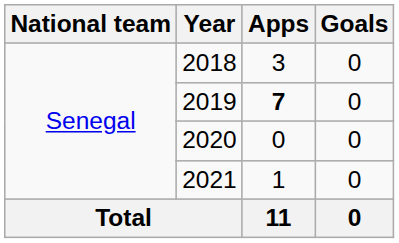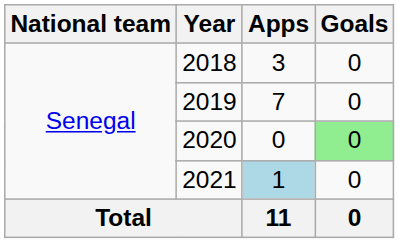 <table class="wikitable" style="text-align:center">
 <tr>
 <th>National team</th>
 <th>Year</th>
 <th>Apps</th>
 <th>Goals</th>
 </tr>
 <tr>
 <td rowspan="4"><a href='#'>Senegal</a></td>
 <td>2018</td>
 <td>3</td>
 <td>0</td>
 </tr>
 <tr>
 <td>2019</td>
-<td><strong>7</strong></td>
+<td>7</td>
 <td>0</td>
 </tr>
 <tr>
 <td>2020</td>
 <td>0</td>
-<td>0</td>
+<td style="background: lightgreen;">0</td>
 </tr>
 <tr>
 <td>2021</td>
-<td>1</td>
+<td style="background: lightblue;">1</td>
 <td>0</td>
 </tr>
 <tr>
 <th colspan="2">Total</th>
 <th>11</th>
 <th>0</th>
 </tr>
 </table>
